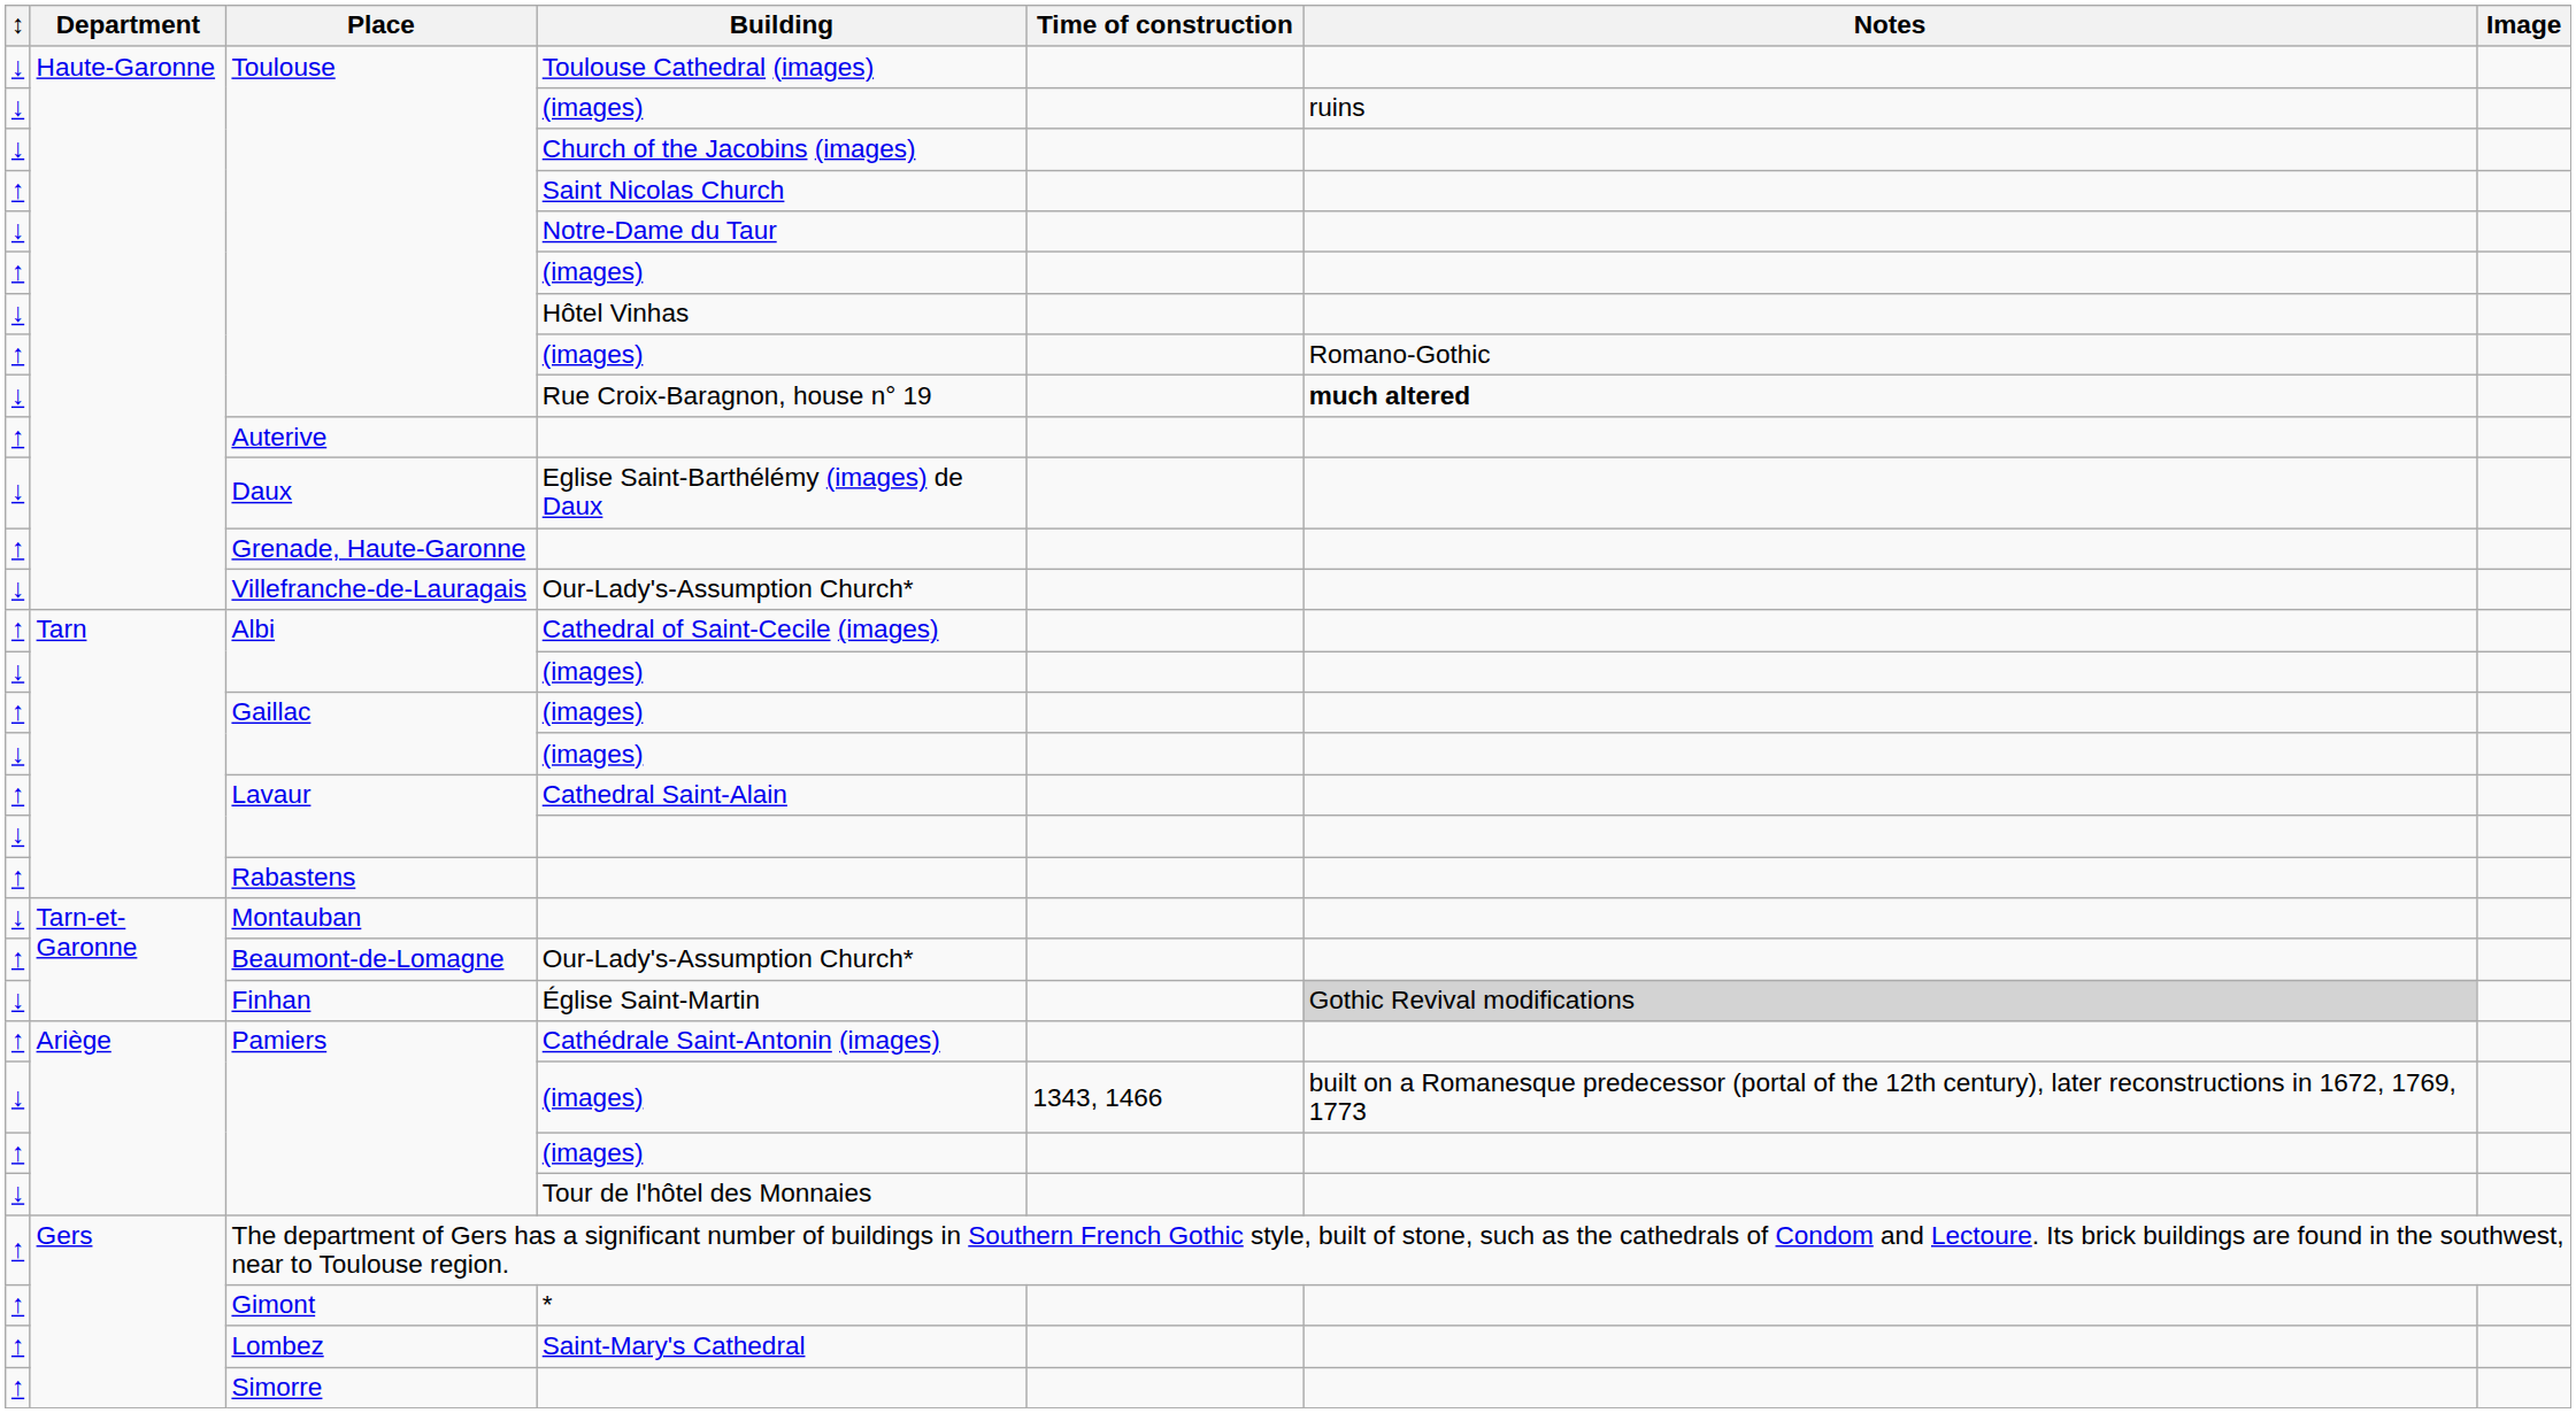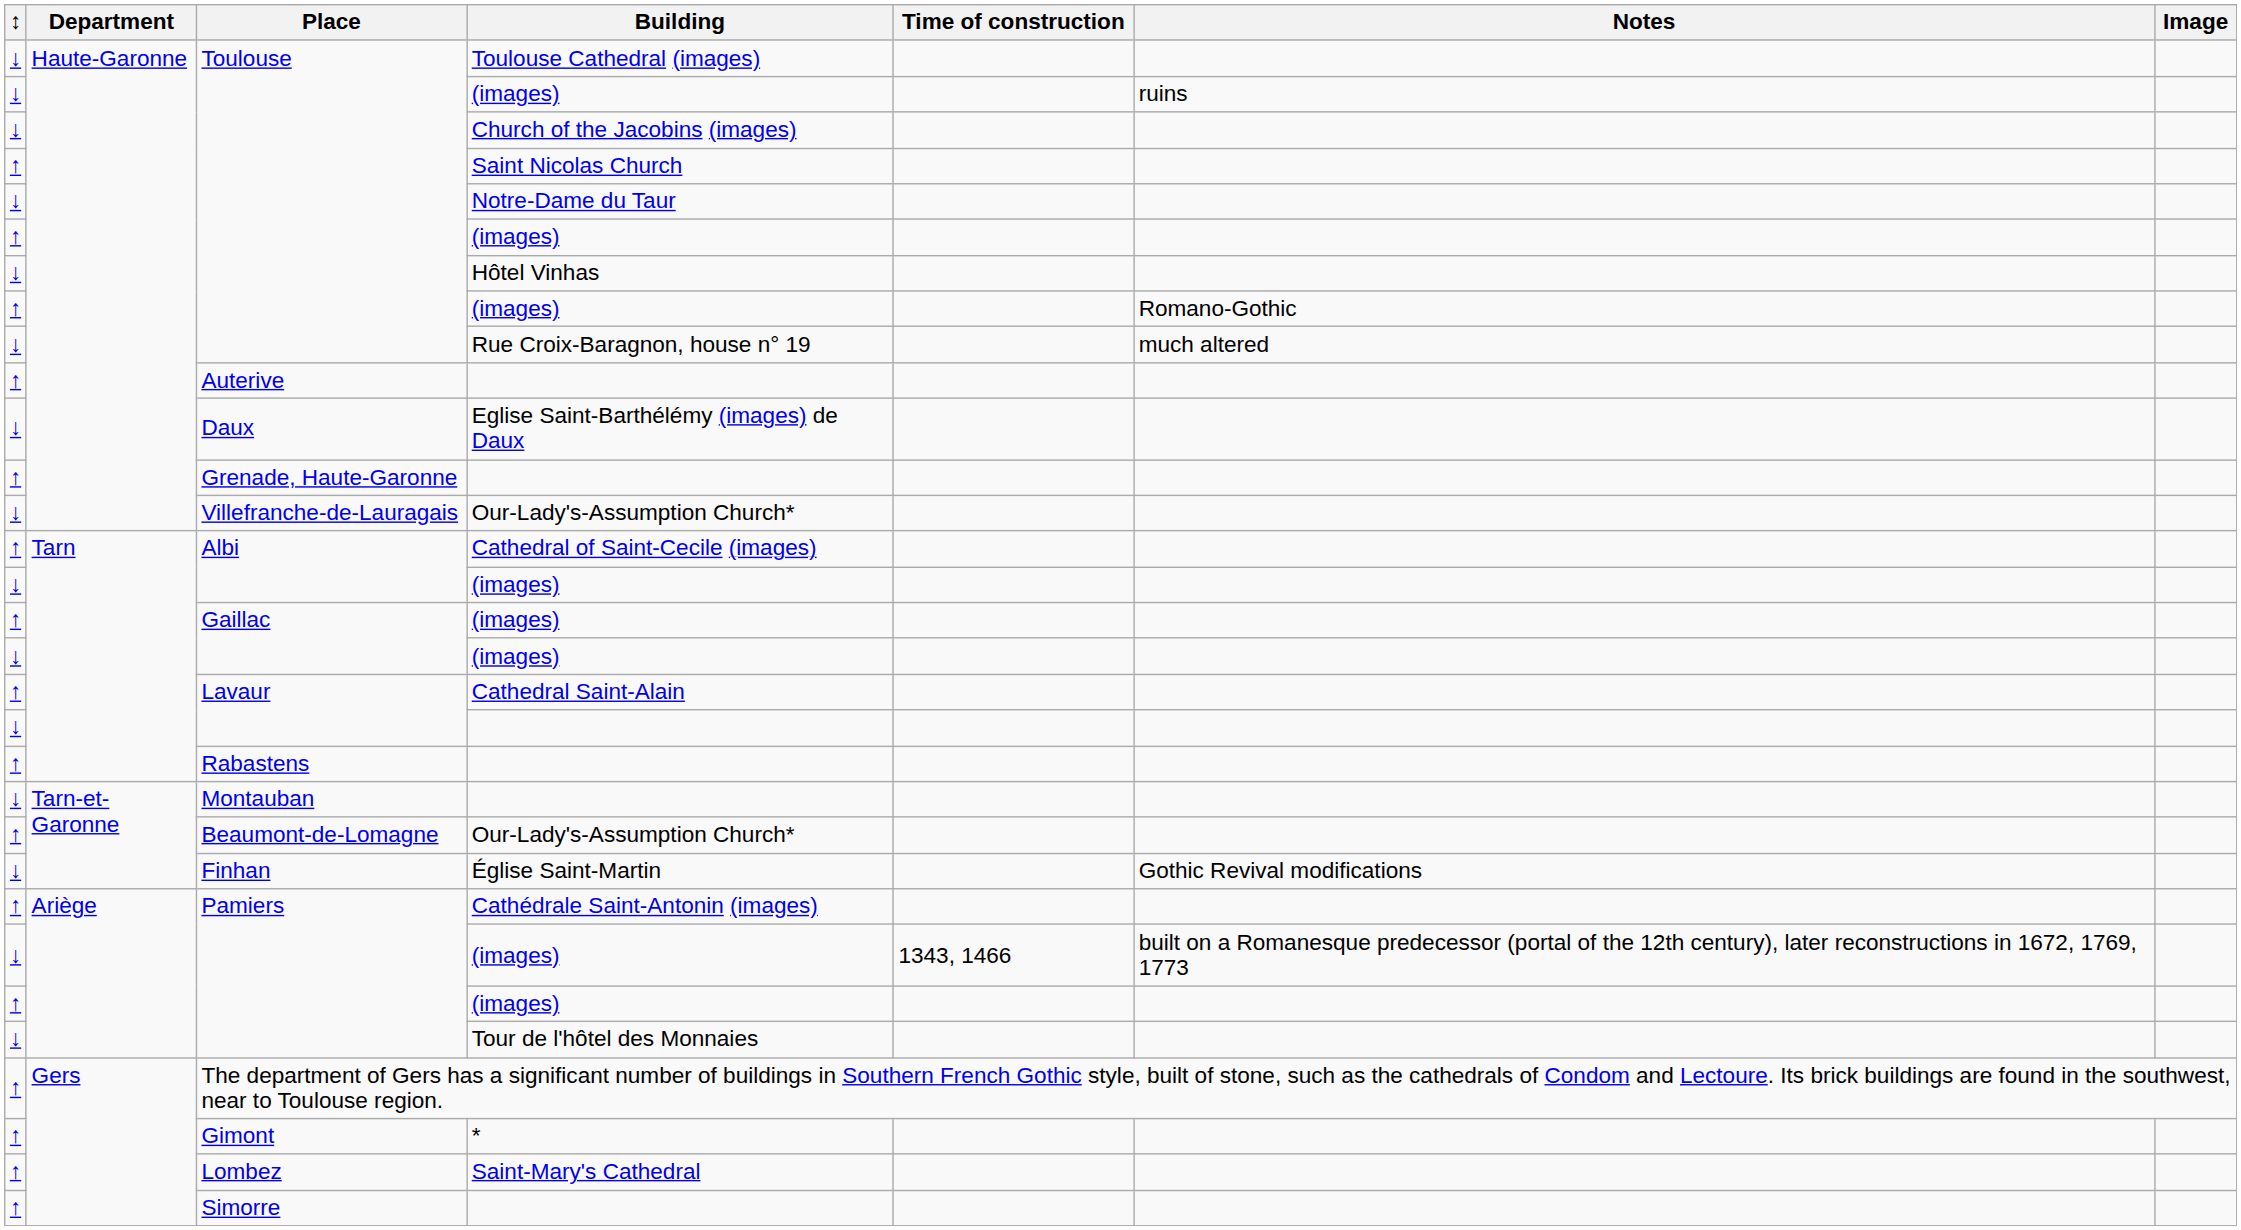 <table class="wikitable"  style="border:2px; width:100%;">
 <tr>
 <th>↕</th>
 <th>Department</th>
 <th>Place</th>
 <th>Building</th>
 <th>Time of construction</th>
 <th>Notes</th>
 <th>Image</th>
 </tr>
 <tr>
 <td><a href='#'>↓</a></td>
 <td style="vertical-align:top;" rowspan="13"><a href='#'>Haute-Garonne</a></td>
 <td style="vertical-align:top;" rowspan="9"><a href='#'>Toulouse</a></td>
 <td><a href='#'>Toulouse Cathedral</a> <a href='#'>(images)</a></td>
 <td></td>
 <td></td>
 <td></td>
 </tr>
 <tr>
 <td><a href='#'>↓</a></td>
 <td> <a href='#'>(images)</a></td>
 <td></td>
 <td>ruins</td>
 <td></td>
 </tr>
 <tr>
 <td><a href='#'>↓</a></td>
 <td><a href='#'>Church of the Jacobins</a> <a href='#'>(images)</a></td>
 <td></td>
 <td></td>
 <td></td>
 </tr>
 <tr>
 <td><a href='#'>↑</a></td>
 <td><a href='#'>Saint Nicolas Church</a></td>
 <td></td>
 <td></td>
 <td></td>
 </tr>
 <tr>
 <td><a href='#'>↓</a></td>
 <td><a href='#'>Notre-Dame du Taur</a></td>
 <td></td>
 <td></td>
 <td></td>
 </tr>
 <tr>
 <td><a href='#'>↑</a></td>
 <td> <a href='#'>(images)</a></td>
 <td></td>
 <td></td>
 <td></td>
 </tr>
 <tr>
 <td><a href='#'>↓</a></td>
 <td>Hôtel Vinhas</td>
 <td></td>
 <td></td>
 <td></td>
 </tr>
 <tr>
 <td><a href='#'>↑</a></td>
 <td> <a href='#'>(images)</a></td>
 <td></td>
 <td>Romano-Gothic</td>
 <td></td>
 </tr>
 <tr>
 <td><a href='#'>↓</a></td>
 <td>Rue Croix-Baragnon, house n° 19</td>
 <td></td>
-<td><strong>much altered</strong></td>
+<td>much altered</td>
 <td></td>
 </tr>
 <tr>
 <td><a href='#'>↑</a></td>
 <td><a href='#'>Auterive</a></td>
 <td></td>
 <td></td>
 <td></td>
 <td></td>
 </tr>
 <tr>
 <td><a href='#'>↓</a></td>
 <td><a href='#'>Daux</a></td>
 <td>Eglise Saint-Barthélémy <a href='#'>(images)</a> de <a href='#'>Daux</a></td>
 <td></td>
 <td></td>
 <td></td>
 </tr>
 <tr>
 <td><a href='#'>↑</a></td>
 <td><a href='#'>Grenade, Haute-Garonne</a></td>
 <td></td>
 <td></td>
 <td></td>
 <td></td>
 </tr>
 <tr>
 <td><a href='#'>↓</a></td>
 <td><a href='#'>Villefranche-de-Lauragais</a></td>
 <td>Our-Lady's-Assumption Church*</td>
 <td></td>
 <td></td>
 <td></td>
 </tr>
 <tr>
 <td><a href='#'>↑</a></td>
 <td style="vertical-align:top;" rowspan="7"><a href='#'>Tarn</a></td>
 <td valign=top rowspan=2><a href='#'>Albi</a></td>
 <td><a href='#'>Cathedral of Saint-Cecile</a> <a href='#'>(images)</a></td>
 <td></td>
 <td></td>
 <td></td>
 </tr>
 <tr>
 <td><a href='#'>↓</a></td>
 <td> <a href='#'>(images)</a></td>
 <td></td>
 <td></td>
 <td></td>
 </tr>
 <tr>
 <td><a href='#'>↑</a></td>
 <td valign=top rowspan=2><a href='#'>Gaillac</a></td>
 <td> <a href='#'>(images)</a></td>
 <td></td>
 <td></td>
 <td></td>
 </tr>
 <tr>
 <td><a href='#'>↓</a></td>
 <td> <a href='#'>(images)</a></td>
 <td></td>
 <td></td>
 <td></td>
 </tr>
 <tr>
 <td><a href='#'>↑</a></td>
 <td valign=top rowspan=2><a href='#'>Lavaur</a></td>
 <td><a href='#'>Cathedral Saint-Alain</a></td>
 <td></td>
 <td></td>
 <td></td>
 </tr>
 <tr>
 <td><a href='#'>↓</a></td>
 <td></td>
 <td></td>
 <td></td>
 <td></td>
 </tr>
 <tr>
 <td><a href='#'>↑</a></td>
 <td><a href='#'>Rabastens</a></td>
 <td></td>
 <td></td>
 <td></td>
 <td></td>
 </tr>
 <tr>
 <td><a href='#'>↓</a></td>
 <td style="vertical-align:top;" rowspan="3"><a href='#'>Tarn-et-Garonne</a></td>
 <td><a href='#'>Montauban</a></td>
 <td></td>
 <td></td>
 <td></td>
 <td></td>
 </tr>
 <tr>
 <td><a href='#'>↑</a></td>
 <td><a href='#'>Beaumont-de-Lomagne</a></td>
 <td>Our-Lady's-Assumption Church*</td>
 <td></td>
 <td></td>
 <td></td>
 </tr>
 <tr>
 <td><a href='#'>↓</a></td>
 <td><a href='#'>Finhan</a></td>
 <td>Église Saint-Martin</td>
 <td></td>
-<td style="background: lightgrey;">Gothic Revival modifications</td>
+<td>Gothic Revival modifications</td>
 <td></td>
 </tr>
 <tr>
 <td><a href='#'>↑</a></td>
 <td style="vertical-align:top;" rowspan="4"><a href='#'>Ariège</a></td>
 <td style="vertical-align:top;" rowspan="4"><a href='#'>Pamiers</a></td>
 <td><a href='#'>Cathédrale Saint-Antonin</a> <a href='#'>(images)</a></td>
 <td></td>
 <td></td>
 <td></td>
 </tr>
 <tr>
 <td><a href='#'>↓</a></td>
 <td> <a href='#'>(images)</a></td>
 <td>1343, 1466</td>
 <td>built on a Romanesque predecessor (portal of the 12th century), later reconstructions in 1672, 1769, 1773</td>
 <td></td>
 </tr>
 <tr>
 <td><a href='#'>↑</a></td>
 <td> <a href='#'>(images)</a></td>
 <td></td>
 <td></td>
 <td></td>
 </tr>
 <tr>
 <td><a href='#'>↓</a></td>
 <td>Tour de l'hôtel des Monnaies</td>
 <td></td>
 <td></td>
 <td></td>
 </tr>
 <tr>
 <td><a href='#'>↑</a></td>
 <td style="vertical-align:top;" rowspan="4"><a href='#'>Gers</a></td>
 <td colspan=5>The department of Gers has a significant number of buildings in <a href='#'>Southern French Gothic</a> style, built of stone, such as the cathedrals of <a href='#'>Condom</a> and <a href='#'>Lectoure</a>. Its brick buildings are found in the southwest, near to Toulouse region.</td>
 </tr>
 <tr>
 <td><a href='#'>↑</a></td>
 <td><a href='#'>Gimont</a></td>
 <td>*</td>
 <td></td>
 <td></td>
 <td></td>
 </tr>
 <tr>
 <td><a href='#'>↑</a></td>
 <td><a href='#'>Lombez</a></td>
 <td><a href='#'>Saint-Mary's Cathedral</a></td>
 <td></td>
 <td></td>
 <td></td>
 </tr>
 <tr>
 <td><a href='#'>↑</a></td>
 <td><a href='#'>Simorre</a></td>
 <td></td>
 <td></td>
 <td></td>
 <td></td>
 </tr>
 </table>
